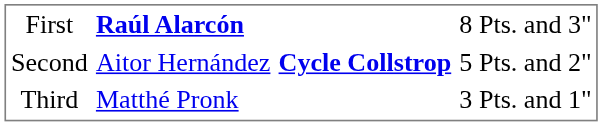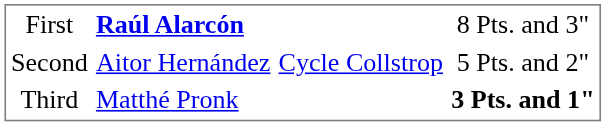 <table style="border-style:solid;border-width:1px;border-color:#808080;margin-left:15px" cellspacing="1" cellpadding="2">
 <tr ---- align="center">
 <td>First</td>
 <td align="left"><strong><a href='#'>Raúl Alarcón</a></strong> </td>
 <td></td>
 <td>8 Pts. and 3"</td>
 </tr>
 <tr ---- align="center">
 <td>Second</td>
 <td align="left"><a href='#'>Aitor Hernández</a> </td>
-<td><strong><a href='#'>Cycle Collstrop</a></strong></td>
+<td><a href='#'>Cycle Collstrop</a></td>
 <td>5 Pts. and 2"</td>
 </tr>
 <tr ---- align="center">
 <td>Third</td>
 <td align="left"><a href='#'>Matthé Pronk</a> </td>
 <td></td>
-<td>3 Pts. and 1"</td>
+<td><strong>3 Pts. and 1"</strong></td>
 </tr>
 </table>
